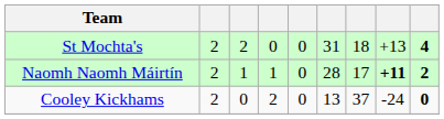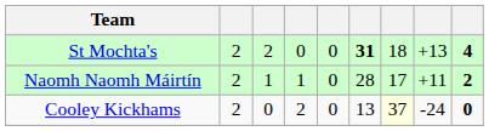 <table class="wikitable" style="text-align:center">
 <tr>
 <th style="width:175px;">Team</th>
 <th width="20"></th>
 <th width="20"></th>
 <th width="20"></th>
 <th width="20"></th>
 <th width="20"></th>
 <th width="20"></th>
 <th width="20"></th>
 <th width="20"></th>
 </tr>
 <tr style="background:#cfc;">
 <td><a href='#'>St Mochta's</a></td>
 <td>2</td>
 <td>2</td>
 <td>0</td>
 <td>0</td>
-<td>31</td>
+<td><strong>31</strong></td>
 <td>18</td>
 <td>+13</td>
 <td><strong>4</strong></td>
 </tr>
 <tr style="background:#cfc;">
 <td><a href='#'>Naomh Naomh Máirtín</a></td>
 <td>2</td>
 <td>1</td>
 <td>1</td>
 <td>0</td>
 <td>28</td>
 <td>17</td>
-<td><strong>+11</strong></td>
+<td>+11</td>
 <td><strong>2</strong></td>
 </tr>
 <tr>
 <td><a href='#'>Cooley Kickhams</a></td>
 <td>2</td>
 <td>0</td>
 <td>2</td>
 <td>0</td>
 <td>13</td>
-<td>37</td>
+<td style="background: lightyellow;">37</td>
 <td>-24</td>
 <td><strong>0</strong></td>
 </tr>
 <tr>
 </tr>
 </table>
